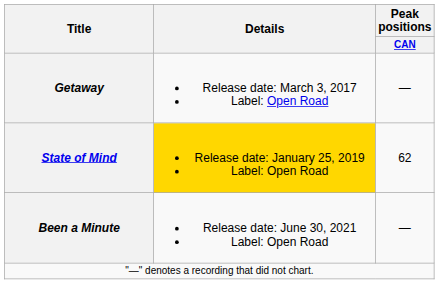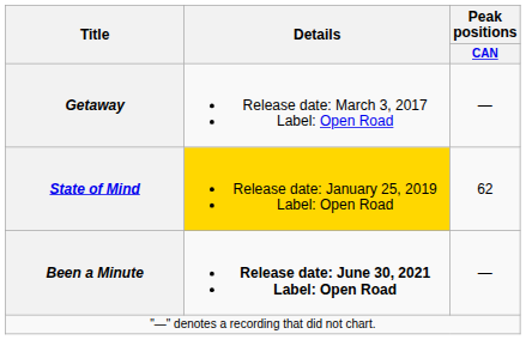 <table class="wikitable plainrowheaders" style="text-align:center;">
 <tr>
 <th scope="col" rowspan="2" style="width:12em;">Title</th>
 <th scope="col" rowspan="2" style="width:18em;">Details</th>
 <th scope="col">Peak<br>positions</th>
 </tr>
 <tr style="font-size:smaller;">
 <th><a href='#'>CAN</a><br></th>
 </tr>
 <tr>
 <th scope="row"><em>Getaway</em></th>
 <td><br><ul><li>Release date: March 3, 2017</li><li>Label: <a href='#'>Open Road</a></li></ul></td>
 <td>—</td>
 </tr>
 <tr>
 <th scope="row"><em><a href='#'>State of Mind</a></em></th>
 <td style="background: gold;"><br><ul><li>Release date: January 25, 2019</li><li>Label: Open Road</li></ul></td>
 <td>62</td>
 </tr>
 <tr>
 <th scope="row"><em>Been a Minute</em></th>
-<td><br><ul><li>Release date: June 30, 2021</li><li>Label: Open Road</li></ul></td>
+<td><strong><br><ul><li>Release date: June 30, 2021</li><li>Label: Open Road</li></ul></strong></td>
 <td>—</td>
 </tr>
 <tr>
 <td colspan="10" style="font-size:smaller;">"—" denotes a recording that did not chart.</td>
 </tr>
 </table>
